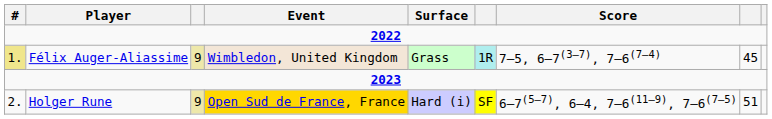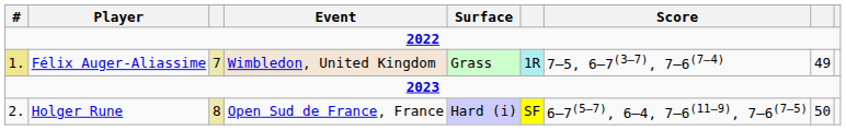 <table class="wikitable sortable">
 <tr>
 <th class="unsortable">#</th>
 <th>Player</th>
 <th></th>
 <th>Event</th>
 <th>Surface</th>
 <th class="unsortable"></th>
 <th class="unsortable">Score</th>
 <th class="unsortable"></th>
 <th class="unsortable"></th>
 </tr>
 <tr>
 <td colspan="9" style="text-align:center"><strong><a href='#'>2022</a></strong></td>
 </tr>
 <tr>
 <td style="background: khaki;">1.</td>
 <td> <a href='#'>Félix Auger-Aliassime</a></td>
-<td align=center bgcolor=eee8aa>9</td>
+<td align=center bgcolor=eee8aa>7</td>
 <td bgcolor=f3e6d7><a href='#'>Wimbledon</a>, United Kingdom</td>
 <td bgcolor=ccffcc>Grass</td>
 <td bgcolor=afeeee>1R</td>
 <td>7–5, 6–7<sup>(3–7)</sup>, 7–6<sup>(7–4)</sup></td>
-<td align=center>45</td>
+<td align=center>49</td>
 <td></td>
 </tr>
 <tr>
 <td colspan="9" style="text-align:center"><strong><a href='#'>2023</a></strong></td>
 </tr>
 <tr>
 <td>2.</td>
 <td> <a href='#'>Holger Rune</a></td>
-<td align=center bgcolor=eee8aa>9</td>
-<td style="background: gold;"><a href='#'>Open Sud de France</a>, France</td>
+<td align=center bgcolor=eee8aa>8</td>
+<td><a href='#'>Open Sud de France</a>, France</td>
 <td bgcolor=ccccff>Hard (i)</td>
 <td bgcolor=yellow>SF</td>
 <td>6–7<sup>(5–7)</sup>, 6–4, 7–6<sup>(11–9)</sup>, 7–6<sup>(7–5)</sup></td>
-<td align=center>51</td>
+<td align=center>50</td>
 <td></td>
 </tr>
 </table>
